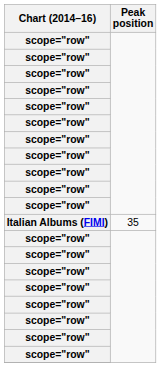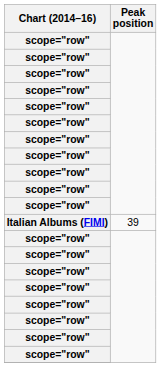 <table class="wikitable sortable plainrowheaders" style="text-align:center">
 <tr>
 <th scope="col">Chart (2014–16)</th>
 <th scope="col">Peak<br>position</th>
 </tr>
 <tr>
 <th>scope="row" </th>
 </tr>
 <tr>
 <th>scope="row" </th>
 </tr>
 <tr>
 <th>scope="row" </th>
 </tr>
 <tr>
 <th>scope="row" </th>
 </tr>
 <tr>
 <th>scope="row" </th>
 </tr>
 <tr>
 <th>scope="row" </th>
 </tr>
 <tr>
 <th>scope="row" </th>
 </tr>
 <tr>
 <th>scope="row" </th>
 </tr>
 <tr>
 <th>scope="row" </th>
 </tr>
 <tr>
 <th>scope="row" </th>
 </tr>
 <tr>
 <th>scope="row" </th>
 </tr>
 <tr>
 <th scope="row">Italian Albums (<a href='#'>FIMI</a>)</th>
-<td align="center">35</td>
+<td align="center">39</td>
 </tr>
 <tr>
 <th>scope="row" </th>
 </tr>
 <tr>
 <th>scope="row" </th>
 </tr>
 <tr>
 <th>scope="row" </th>
 </tr>
 <tr>
 <th>scope="row" </th>
 </tr>
 <tr>
 <th>scope="row" </th>
 </tr>
 <tr>
 <th>scope="row" </th>
 </tr>
 <tr>
 <th>scope="row" </th>
 </tr>
 <tr>
 <th>scope="row" </th>
 </tr>
 <tr>
 </tr>
 </table>
